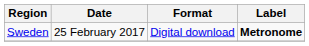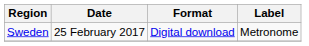 <table class=wikitable>
 <tr>
 <th>Region</th>
 <th>Date</th>
 <th>Format</th>
 <th>Label</th>
 </tr>
 <tr>
 <td><a href='#'>Sweden</a></td>
 <td>25 February 2017</td>
 <td><a href='#'>Digital download</a></td>
-<td><strong>Metronome</strong></td>
+<td>Metronome</td>
 </tr>
 <tr>
 </tr>
 </table>
